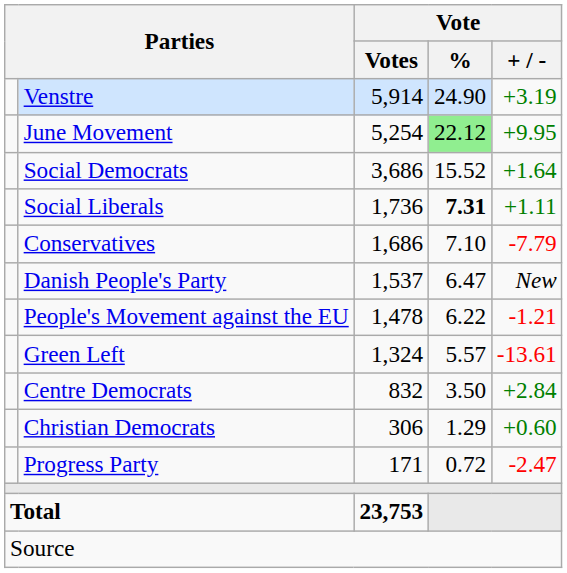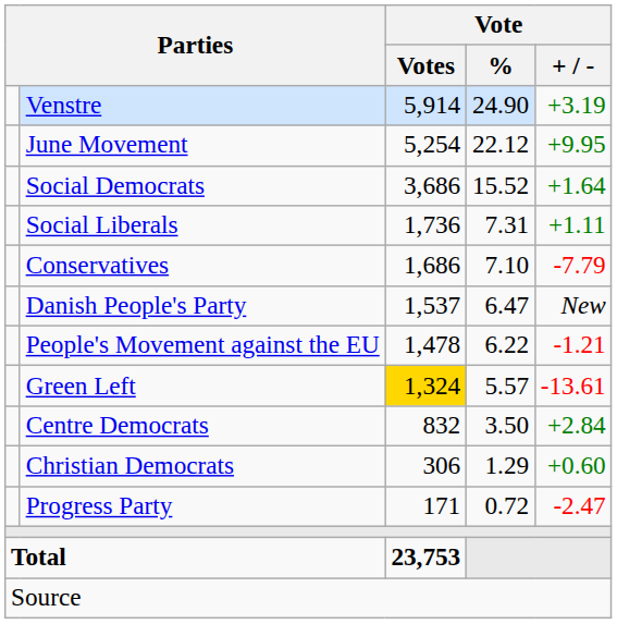 <table class="wikitable" style="text-align:right;">
 <tr>
 <th style="text-align:centre;" rowspan="2" colspan="2" width="225">Parties</th>
 <th colspan="3">Vote</th>
 </tr>
 <tr>
 <th width="15">Votes</th>
 <th width="15">%</th>
 <th width="15">+ / -</th>
 </tr>
 <tr>
 <td width="2" style="color:inherit;background:"></td>
 <td bgcolor=#cfe5fe   align="left"><a href='#'>Venstre</a></td>
 <td bgcolor=#cfe5fe>5,914</td>
 <td bgcolor=#cfe5fe>24.90</td>
 <td style=color:green;>+3.19</td>
 </tr>
 <tr>
 <td width="2" style="color:inherit;background:"></td>
 <td align="left"><a href='#'>June Movement</a></td>
 <td>5,254</td>
-<td style="background: lightgreen;">22.12</td>
+<td>22.12</td>
 <td style=color:green;>+9.95</td>
 </tr>
 <tr>
 <td width="2" style="color:inherit;background:"></td>
 <td align="left"><a href='#'>Social Democrats</a></td>
 <td>3,686</td>
 <td>15.52</td>
 <td style=color:green;>+1.64</td>
 </tr>
 <tr>
 <td width="2" style="color:inherit;background:"></td>
 <td align="left"><a href='#'>Social Liberals</a></td>
 <td>1,736</td>
-<td><strong>7.31</strong></td>
+<td>7.31</td>
 <td style=color:green;>+1.11</td>
 </tr>
 <tr>
 <td width="2" style="color:inherit;background:"></td>
 <td align="left"><a href='#'>Conservatives</a></td>
 <td>1,686</td>
 <td>7.10</td>
 <td style=color:red;>-7.79</td>
 </tr>
 <tr>
 <td width="2" style="color:inherit;background:"></td>
 <td align="left"><a href='#'>Danish People's Party</a></td>
 <td>1,537</td>
 <td>6.47</td>
 <td><em>New</em></td>
 </tr>
 <tr>
 <td width="2" style="color:inherit;background:"></td>
 <td align="left"><a href='#'>People's Movement against the EU</a></td>
 <td>1,478</td>
 <td>6.22</td>
 <td style=color:red;>-1.21</td>
 </tr>
 <tr>
 <td width="2" style="color:inherit;background:"></td>
 <td align="left"><a href='#'>Green Left</a></td>
-<td>1,324</td>
+<td style="background: gold;">1,324</td>
 <td>5.57</td>
 <td style=color:red;>-13.61</td>
 </tr>
 <tr>
 <td width="2" style="color:inherit;background:"></td>
 <td align="left"><a href='#'>Centre Democrats</a></td>
 <td>832</td>
 <td>3.50</td>
 <td style=color:green;>+2.84</td>
 </tr>
 <tr>
 <td width="2" style="color:inherit;background:"></td>
 <td align="left"><a href='#'>Christian Democrats</a></td>
 <td>306</td>
 <td>1.29</td>
 <td style=color:green;>+0.60</td>
 </tr>
 <tr>
 <td width="2" style="color:inherit;background:"></td>
 <td align="left"><a href='#'>Progress Party</a></td>
 <td>171</td>
 <td>0.72</td>
 <td style=color:red;>-2.47</td>
 </tr>
 <tr>
 <td colspan="7" bgcolor="#E9E9E9"></td>
 </tr>
 <tr>
 <td align="left" colspan="2"><strong>Total</strong></td>
 <td><strong>23,753</strong></td>
 <td bgcolor="#E9E9E9" colspan="2"></td>
 </tr>
 <tr>
 <td align="left" colspan="6">Source</td>
 </tr>
 </table>
